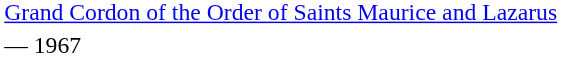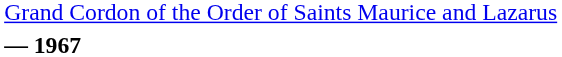 <table>
 <tr>
 <td rowspan=2 style="width:60px; vertical-align:top;"></td>
 <td><a href='#'>Grand Cordon of the Order of Saints Maurice and Lazarus</a></td>
 </tr>
 <tr>
-<td>— 1967</td>
+<td><strong>— 1967</strong></td>
 </tr>
 </table>
